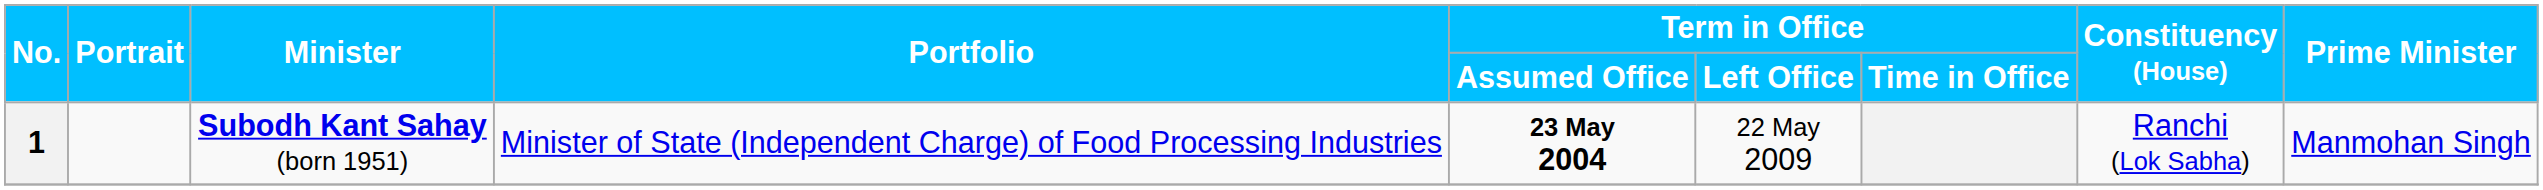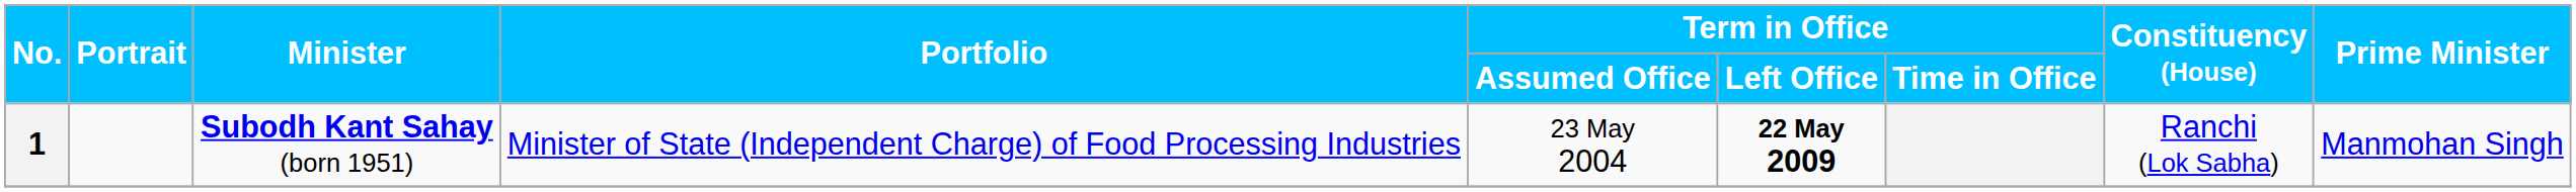 <table class="wikitable sortable" style="text-align:center;">
 <tr>
 <th rowspan="2" style="background-color:#00BFFF;color:white">No.</th>
 <th rowspan="2" style="background-color:#00BFFF;color:white">Portrait</th>
 <th rowspan="2" style="background-color:#00BFFF;color:white">Minister</th>
 <th rowspan="2" style="background-color:#00BFFF;color:white">Portfolio</th>
 <th colspan="3" style="background-color:#00BFFF;color:white">Term in Office</th>
 <th rowspan="2" style="background-color:#00BFFF;color:white">Constituency<br><small>(House)</small></th>
 <th rowspan="2" style="background-color:#00BFFF;color:white">Prime Minister</th>
 </tr>
 <tr>
 <th style="background-color:#00BFFF;color:white">Assumed Office</th>
 <th style="background-color:#00BFFF;color:white">Left Office</th>
 <th style="background-color:#00BFFF;color:white">Time in Office</th>
 </tr>
 <tr>
 <th>1</th>
 <td></td>
 <td><strong><a href='#'>Subodh Kant Sahay</a></strong><br><small>(born 1951)</small></td>
 <td><a href='#'>Minister of State (Independent Charge) of Food Processing Industries</a></td>
-<td><strong><small>23 May</small><br>2004</strong></td>
-<td><small>22 May</small><br>2009</td>
+<td><small>23 May</small><br>2004</td>
+<td><strong><small>22 May</small><br>2009</strong></td>
 <th><strong></strong></th>
 <td><a href='#'>Ranchi</a><br><small>(<a href='#'>Lok Sabha</a>)</small></td>
 <td><a href='#'>Manmohan Singh</a></td>
 </tr>
 <tr>
 </tr>
 </table>
